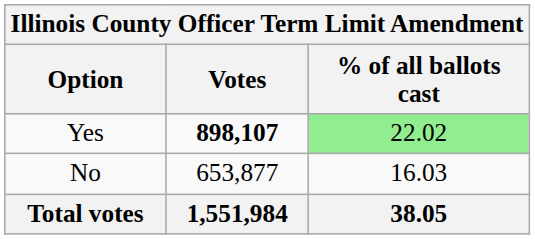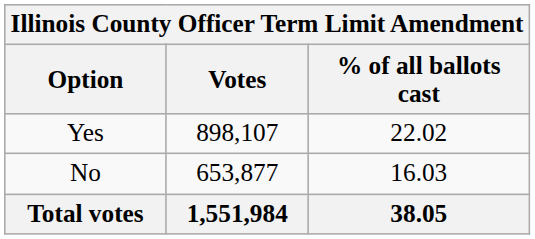 <table class="wikitable">
 <tr>
 <th colspan=4 text align=center>Illinois County Officer Term Limit Amendment</th>
 </tr>
 <tr>
 <th>Option</th>
 <th>Votes</th>
 <th>% of all ballots<br>cast</th>
 </tr>
 <tr>
 <td text align=center>Yes</td>
-<td text align=center><strong>898,107</strong></td>
-<td text align=center style="background: lightgreen;">22.02</td>
+<td text align=center>898,107</td>
+<td text align=center>22.02</td>
 </tr>
 <tr>
 <td text align=center>No</td>
 <td text align=center>653,877</td>
 <td text align=center>16.03</td>
 </tr>
 <tr>
 <th text align=center>Total votes</th>
 <th text align=center><strong>1,551,984</strong></th>
 <th text align=center><strong>38.05</strong></th>
 </tr>
 </table>
